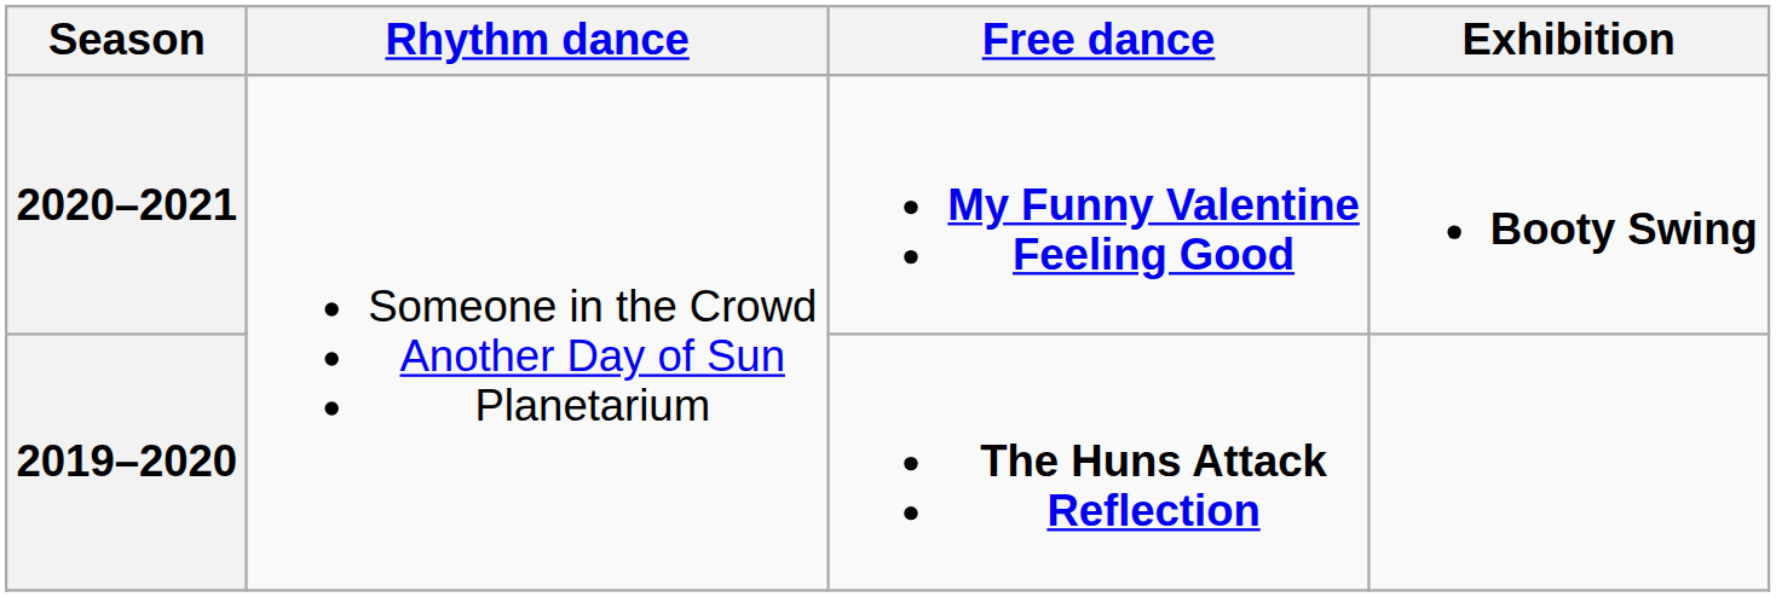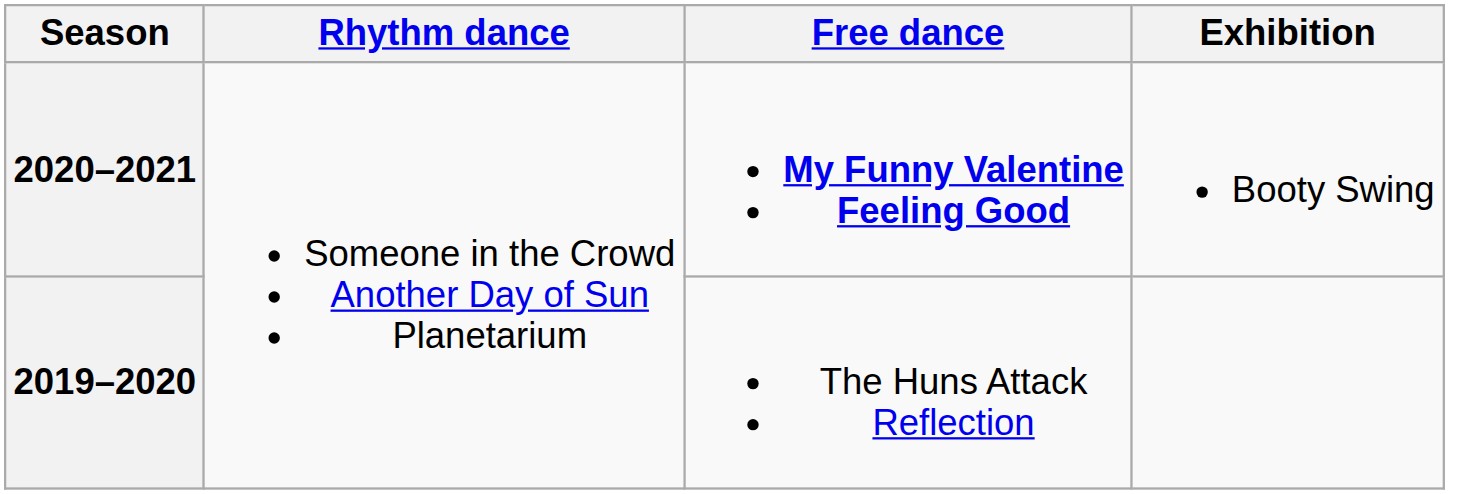 <table class=wikitable style=text-align:center>
 <tr>
 <th>Season</th>
 <th><a href='#'>Rhythm dance</a></th>
 <th><a href='#'>Free dance</a></th>
 <th>Exhibition</th>
 </tr>
 <tr>
 <th>2020–2021 <br> </th>
 <td rowspan=2><br><ul><li>Someone in the Crowd</li><li> <a href='#'>Another Day of Sun</a></li><li>Planetarium<br></li></ul></td>
 <td><strong><br><ul><li><a href='#'>My Funny Valentine</a><br></li><li><a href='#'>Feeling Good</a><br></li></ul></strong></td>
-<td><strong><br><ul><li>Booty Swing <br></li></ul></strong></td>
+<td><br><ul><li>Booty Swing <br></li></ul></td>
 </tr>
 <tr>
 <th>2019–2020 <br> </th>
-<td><strong><br><ul><li>The Huns Attack<br></li><li><a href='#'>Reflection</a><br></li></ul></strong></td>
+<td><br><ul><li>The Huns Attack<br></li><li><a href='#'>Reflection</a><br></li></ul></td>
 <td></td>
 </tr>
 </table>
